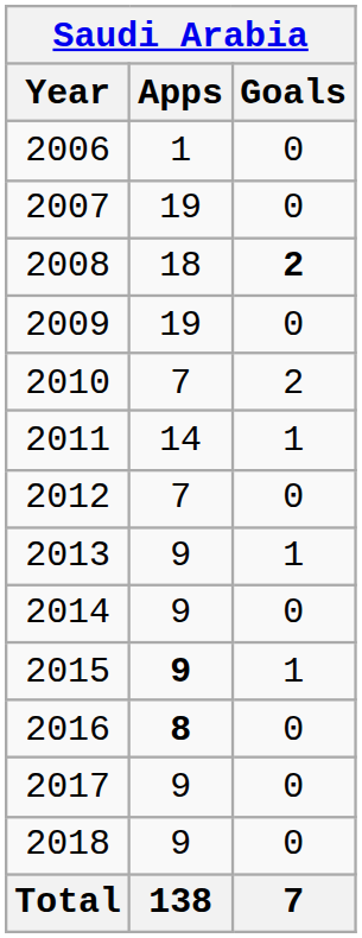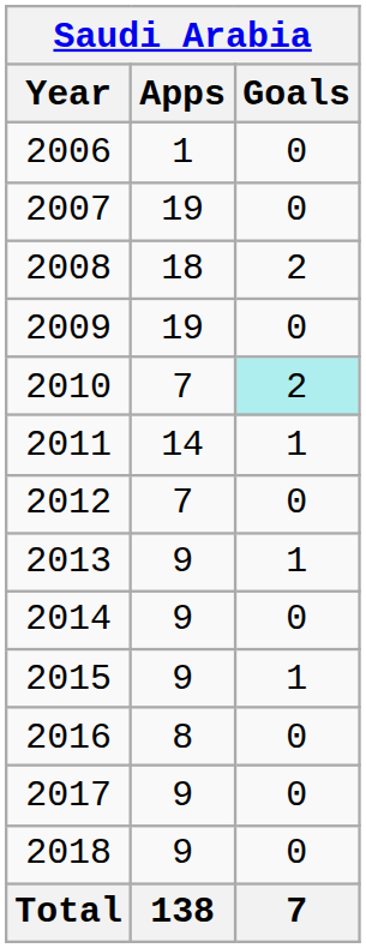 <table class="wikitable" style="text-align:center">
 <tr>
 <th colspan=3><a href='#'>Saudi Arabia</a></th>
 </tr>
 <tr>
 <th>Year</th>
 <th>Apps</th>
 <th>Goals</th>
 </tr>
 <tr>
 <td>2006</td>
 <td>1</td>
 <td>0</td>
 </tr>
 <tr>
 <td>2007</td>
 <td>19</td>
 <td>0</td>
 </tr>
 <tr>
 <td>2008</td>
 <td>18</td>
-<td><strong>2</strong></td>
+<td>2</td>
 </tr>
 <tr>
 <td>2009</td>
 <td>19</td>
 <td>0</td>
 </tr>
 <tr>
 <td>2010</td>
 <td>7</td>
-<td>2</td>
+<td style="background: paleturquoise;">2</td>
 </tr>
 <tr>
 <td>2011</td>
 <td>14</td>
 <td>1</td>
 </tr>
 <tr>
 <td>2012</td>
 <td>7</td>
 <td>0</td>
 </tr>
 <tr>
 <td>2013</td>
 <td>9</td>
 <td>1</td>
 </tr>
 <tr>
 <td>2014</td>
 <td>9</td>
 <td>0</td>
 </tr>
 <tr>
 <td>2015</td>
-<td><strong>9</strong></td>
+<td>9</td>
 <td>1</td>
 </tr>
 <tr>
 <td>2016</td>
-<td><strong>8</strong></td>
+<td>8</td>
 <td>0</td>
 </tr>
 <tr>
 <td>2017</td>
 <td>9</td>
 <td>0</td>
 </tr>
 <tr>
 <td>2018</td>
 <td>9</td>
 <td>0</td>
 </tr>
 <tr>
 <th>Total</th>
 <th>138</th>
 <th>7</th>
 </tr>
 </table>
